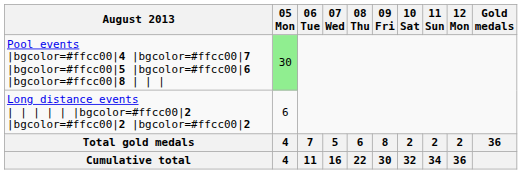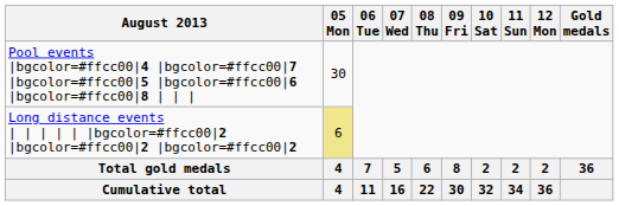 <table class="wikitable">
 <tr>
 <th>August 2013</th>
 <th>05<br>Mon</th>
 <th>06<br>Tue</th>
 <th>07<br>Wed</th>
 <th>08<br>Thu</th>
 <th>09<br>Fri</th>
 <th>10<br>Sat</th>
 <th>11<br>Sun</th>
 <th>12<br>Mon</th>
 <th>Gold<br>medals</th>
 </tr>
 <tr align="center">
 <td align="left"> <a href='#'>Pool events</a><br>|bgcolor=#ffcc00|<strong>4</strong> |bgcolor=#ffcc00|<strong>7</strong> |bgcolor=#ffcc00|<strong>5</strong> |bgcolor=#ffcc00|<strong>6</strong> |bgcolor=#ffcc00|<strong>8</strong> | | |</td>
-<td style="background: lightgreen;">30</td>
+<td>30</td>
 </tr>
 <tr align="center">
 <td align="left"> <a href='#'>Long distance events</a><br>| | | | | |bgcolor=#ffcc00|<strong>2</strong> |bgcolor=#ffcc00|<strong>2</strong> |bgcolor=#ffcc00|<strong>2</strong></td>
-<td>6</td>
+<td style="background: khaki;">6</td>
 </tr>
 <tr>
 <th>Total gold medals</th>
 <th>4</th>
 <th>7</th>
 <th>5</th>
 <th>6</th>
 <th>8</th>
 <th>2</th>
 <th>2</th>
 <th>2</th>
 <th>36</th>
 </tr>
 <tr>
 <th>Cumulative total</th>
 <th>4</th>
 <th>11</th>
 <th>16</th>
 <th>22</th>
 <th>30</th>
 <th>32</th>
 <th>34</th>
 <th>36</th>
 <th></th>
 </tr>
 </table>
